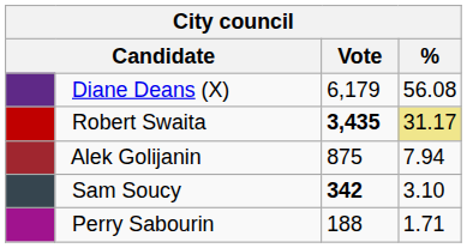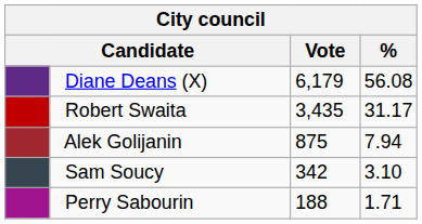 <table class="wikitable">
 <tr>
 <th colspan="4">City council</th>
 </tr>
 <tr>
 <th bgcolor="#DDDDFF" width="230px" colspan="2">Candidate</th>
 <th bgcolor="#DDDDFF" width="50px">Vote</th>
 <th bgcolor="#DDDDFF" width="30px">%</th>
 </tr>
 <tr>
 <td bgcolor=#5F2987 width="30px"> </td>
 <td>  <a href='#'>Diane Deans</a> (X)</td>
 <td>6,179</td>
 <td>56.08</td>
 </tr>
 <tr>
 <td bgcolor=#C00000 width="30px"> </td>
 <td>  Robert Swaita</td>
-<td><strong>3,435</strong></td>
-<td style="background: khaki;">31.17</td>
+<td>3,435</td>
+<td>31.17</td>
 </tr>
 <tr>
 <td bgcolor=#A0262F width="30px"> </td>
 <td>  Alek Golijanin</td>
 <td>875</td>
 <td>7.94</td>
 </tr>
 <tr>
 <td bgcolor=#36454F width="30px"> </td>
 <td>  Sam Soucy</td>
-<td><strong>342</strong></td>
+<td>342</td>
 <td>3.10</td>
 </tr>
 <tr>
 <td bgcolor=#A0138E width="30px"> </td>
 <td>  Perry Sabourin</td>
 <td>188</td>
 <td>1.71</td>
 </tr>
 </table>
